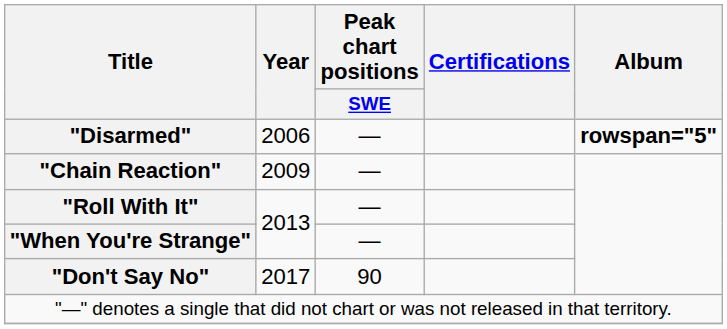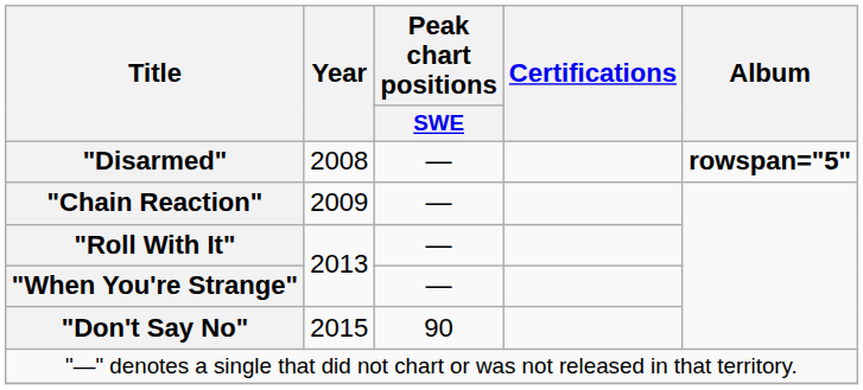 <table class="wikitable plainrowheaders" style="text-align:center;">
 <tr>
 <th scope="col" rowspan="2">Title</th>
 <th scope="col" rowspan="2">Year</th>
 <th scope="col" colspan="1">Peak chart positions</th>
 <th scope="col" rowspan="2"><a href='#'>Certifications</a></th>
 <th scope="col" rowspan="2">Album</th>
 </tr>
 <tr>
 <th scope="col" style="width:3em;font-size:85%;"><a href='#'>SWE</a></th>
 </tr>
 <tr>
 <th scope="row">"Disarmed"</th>
-<td>2006</td>
+<td>2008</td>
 <td>—</td>
 <td></td>
 <td><strong>rowspan="5" </strong></td>
 </tr>
 <tr>
 <th scope="row">"Chain Reaction"</th>
 <td>2009</td>
 <td>—</td>
 <td></td>
 </tr>
 <tr>
 <th scope="row">"Roll With It"</th>
 <td rowspan="2">2013</td>
 <td>—</td>
 <td></td>
 </tr>
 <tr>
 <th scope="row">"When You're Strange"</th>
 <td>—</td>
 <td></td>
 </tr>
 <tr>
 <th scope="row">"Don't Say No"</th>
-<td>2017</td>
+<td>2015</td>
 <td>90</td>
 <td></td>
 </tr>
 <tr>
 <td colspan="10" style="font-size:85%">"—" denotes a single that did not chart or was not released in that territory.</td>
 </tr>
 <tr>
 </tr>
 </table>
